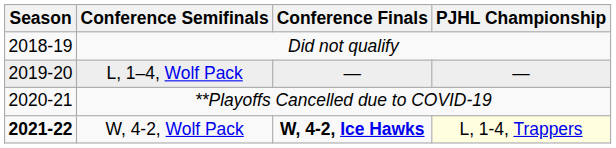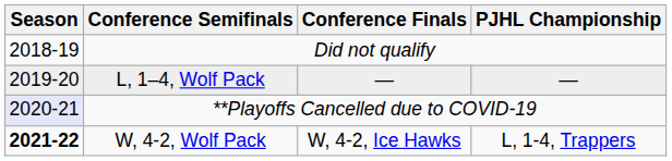 <table class="wikitable" style="text-align:center">
 <tr>
 <th>Season</th>
 <th>Conference Semifinals</th>
 <th>Conference Finals</th>
 <th>PJHL Championship</th>
 </tr>
 <tr>
 <td>2018-19</td>
 <td colspan="4"><em>Did not qualify</em></td>
 </tr>
 <tr style="background:#eee;">
 <td>2019-20</td>
 <td>L, 1–4, <a href='#'>Wolf Pack</a></td>
 <td>—</td>
 <td>—</td>
 </tr>
 <tr>
-<td>2020-21</td>
+<td style="background: lavender;">2020-21</td>
 <td colspan="4"><em>**Playoffs Cancelled due to COVID-19</em></td>
 </tr>
 <tr>
 <td><strong>2021-22</strong></td>
 <td>W, 4-2, <a href='#'>Wolf Pack</a></td>
-<td><strong>W, 4-2, <a href='#'>Ice Hawks</a></strong></td>
-<td style="background: lightyellow;">L, 1-4, <a href='#'>Trappers</a></td>
+<td>W, 4-2, <a href='#'>Ice Hawks</a></td>
+<td>L, 1-4, <a href='#'>Trappers</a></td>
 </tr>
 </table>
